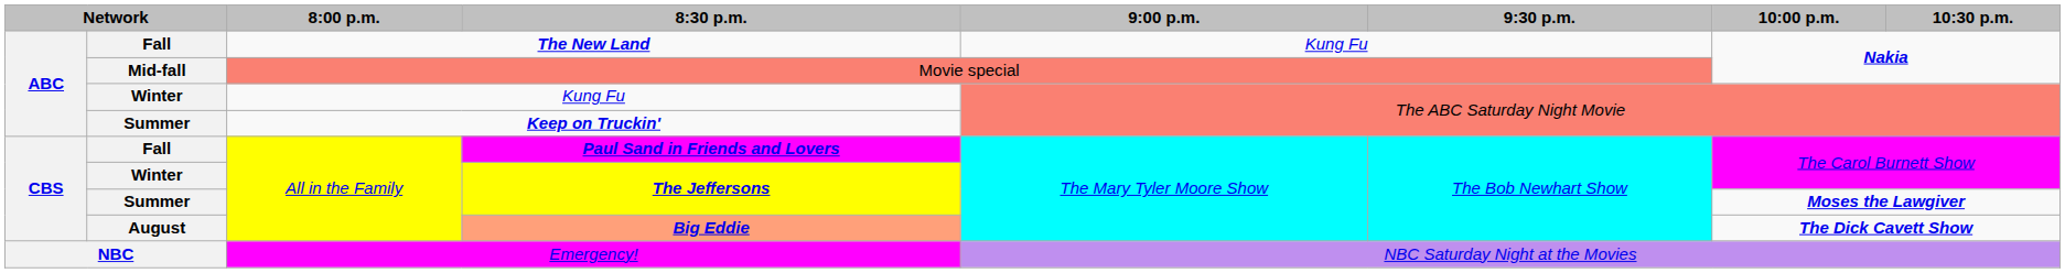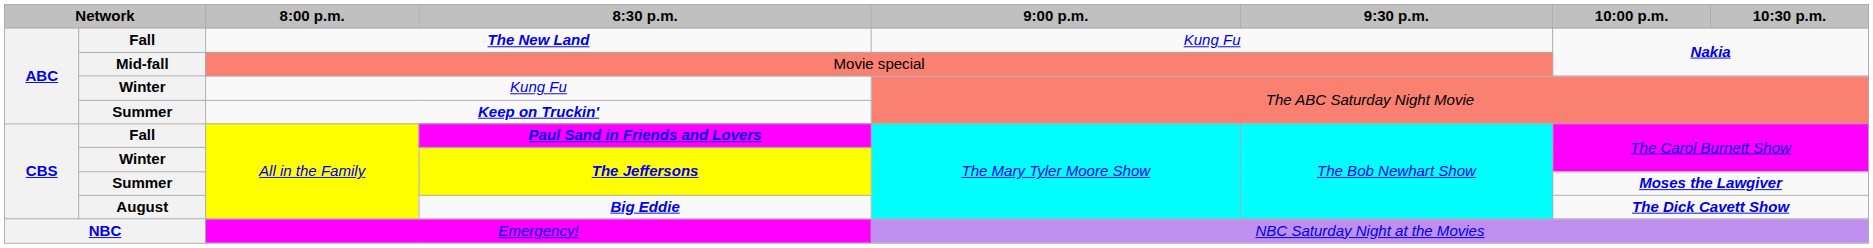 <table class="wikitable plainrowheaders" style="width:100%; margin:auto; text-align:center;">
 <tr>
 <th colspan="2" style="background-color:#C0C0C0;text-align:center">Network</th>
 <th style="background-color:#C0C0C0;text-align:center">8:00 p.m.</th>
 <th style="background-color:#C0C0C0;text-align:center">8:30 p.m.</th>
 <th style="background-color:#C0C0C0;text-align:center">9:00 p.m.</th>
 <th style="background-color:#C0C0C0;text-align:center">9:30 p.m.</th>
 <th style="background-color:#C0C0C0;text-align:center">10:00 p.m.</th>
 <th style="background-color:#C0C0C0;text-align:center">10:30 p.m.</th>
 </tr>
 <tr>
 <th rowspan="4"><a href='#'>ABC</a></th>
 <th>Fall</th>
 <td colspan="2"><strong><em><a href='#'>The New Land</a></em></strong></td>
 <td colspan="2"><em><a href='#'>Kung Fu</a></em></td>
 <td colspan="2" rowspan="2"><strong><em><a href='#'>Nakia</a></em></strong></td>
 </tr>
 <tr>
 <th>Mid-fall</th>
 <td colspan="4" style="background:#FA8072;">Movie special</td>
 </tr>
 <tr>
 <th>Winter</th>
 <td colspan="2"><em><a href='#'>Kung Fu</a></em></td>
 <td colspan="4" rowspan="2" style="background:#FA8072;"><em>The ABC Saturday Night Movie</em></td>
 </tr>
 <tr>
 <th>Summer</th>
 <td colspan="2"><strong><em><a href='#'>Keep on Truckin'</a></em></strong></td>
 </tr>
 <tr>
 <th rowspan="4"><a href='#'>CBS</a></th>
 <th>Fall</th>
 <td style="background:#FFFF00;" rowspan="4"><em><a href='#'>All in the Family</a></em> </td>
 <td style="background:#FF00FF;"><strong><em><a href='#'>Paul Sand in Friends and Lovers</a></em></strong> </td>
 <td style="background:#00FFFF;" rowspan="4"><em><a href='#'>The Mary Tyler Moore Show</a></em> </td>
 <td style="background:#00FFFF;" rowspan="4"><em><a href='#'>The Bob Newhart Show</a></em> </td>
 <td style="background:#FF00FF;" colspan="2" rowspan="2"><em><a href='#'>The Carol Burnett Show</a></em> </td>
 </tr>
 <tr>
 <th>Winter</th>
 <td rowspan="2" style="background:#FFFF00;"><strong><em><a href='#'>The Jeffersons</a></em></strong> </td>
 </tr>
 <tr>
 <th>Summer</th>
 <td colspan="2"><strong><em><a href='#'>Moses the Lawgiver</a></em></strong></td>
 </tr>
 <tr>
 <th>August</th>
-<td style="background: lightsalmon;"><strong><em><a href='#'>Big Eddie</a></em></strong></td>
+<td><strong><em><a href='#'>Big Eddie</a></em></strong></td>
 <td colspan="2"><strong><em><a href='#'>The Dick Cavett Show</a></em></strong></td>
 </tr>
 <tr>
 <th colspan="2"><a href='#'>NBC</a></th>
 <td style="background:#FF00FF;" colspan="2"><em><a href='#'>Emergency!</a></em> </td>
 <td colspan="4" style="background:#bf8fef;"><em><a href='#'>NBC Saturday Night at the Movies</a></em></td>
 </tr>
 </table>
